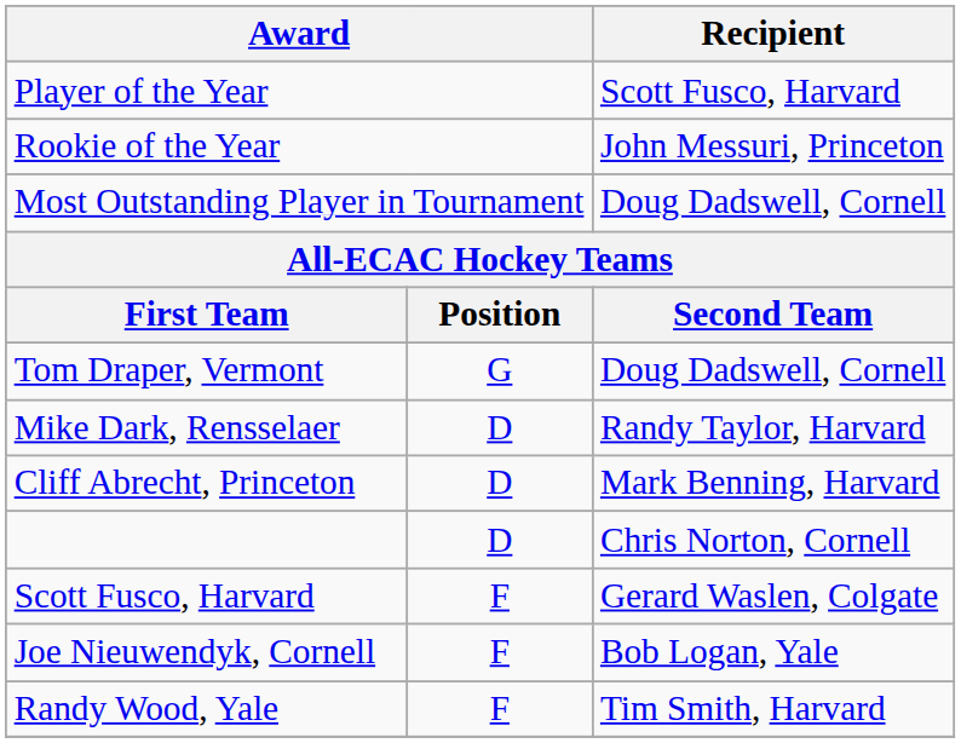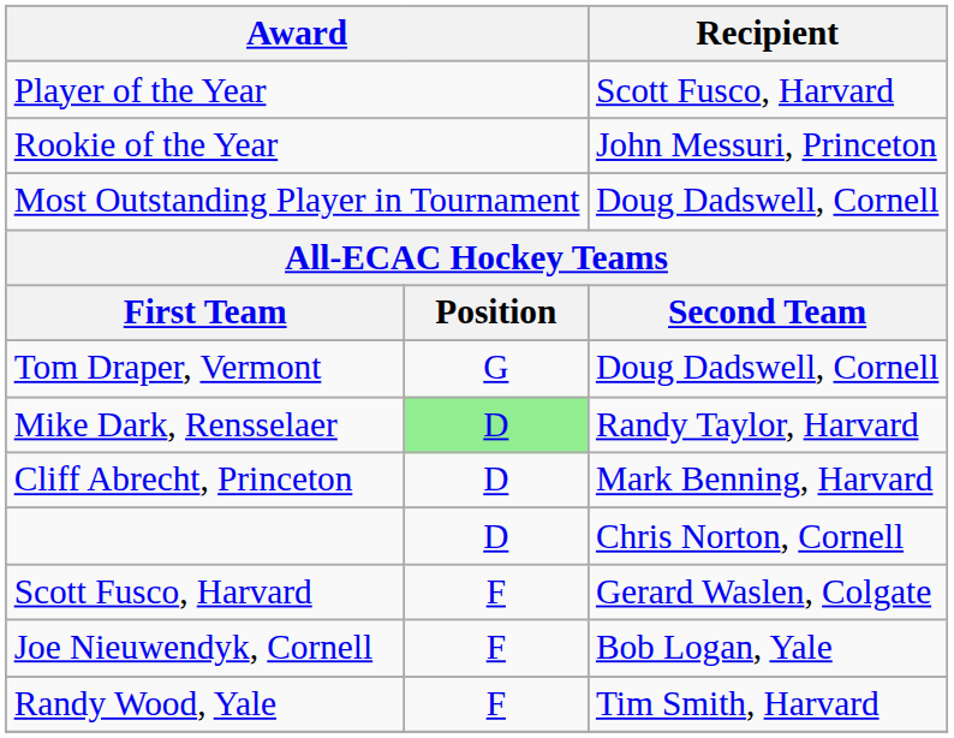 <table class="wikitable">
 <tr>
 <th colspan=2><a href='#'>Award</a></th>
 <th>Recipient</th>
 </tr>
 <tr>
 <td colspan=2><a href='#'>Player of the Year</a></td>
 <td><a href='#'>Scott Fusco</a>, <a href='#'>Harvard</a></td>
 </tr>
 <tr>
 <td colspan=2><a href='#'>Rookie of the Year</a></td>
 <td><a href='#'>John Messuri</a>, <a href='#'>Princeton</a></td>
 </tr>
 <tr>
 <td colspan=2><a href='#'>Most Outstanding Player in Tournament</a></td>
 <td><a href='#'>Doug Dadswell</a>, <a href='#'>Cornell</a></td>
 </tr>
 <tr>
 <th colspan=3><a href='#'>All-ECAC Hockey Teams</a></th>
 </tr>
 <tr>
 <th><a href='#'>First Team</a></th>
 <th>  Position  </th>
 <th><a href='#'>Second Team</a></th>
 </tr>
 <tr>
 <td><a href='#'>Tom Draper</a>, <a href='#'>Vermont</a></td>
 <td align=center><a href='#'>G</a></td>
 <td><a href='#'>Doug Dadswell</a>, <a href='#'>Cornell</a></td>
 </tr>
 <tr>
 <td><a href='#'>Mike Dark</a>, <a href='#'>Rensselaer</a></td>
-<td align=center><a href='#'>D</a></td>
+<td align=center style="background: lightgreen;"><a href='#'>D</a></td>
 <td><a href='#'>Randy Taylor</a>, <a href='#'>Harvard</a></td>
 </tr>
 <tr>
 <td><a href='#'>Cliff Abrecht</a>, <a href='#'>Princeton</a></td>
 <td align=center><a href='#'>D</a></td>
 <td><a href='#'>Mark Benning</a>, <a href='#'>Harvard</a></td>
 </tr>
 <tr>
 <td></td>
 <td align=center><a href='#'>D</a></td>
 <td><a href='#'>Chris Norton</a>, <a href='#'>Cornell</a></td>
 </tr>
 <tr>
 <td><a href='#'>Scott Fusco</a>, <a href='#'>Harvard</a></td>
 <td align=center><a href='#'>F</a></td>
 <td><a href='#'>Gerard Waslen</a>, <a href='#'>Colgate</a></td>
 </tr>
 <tr>
 <td><a href='#'>Joe Nieuwendyk</a>, <a href='#'>Cornell</a></td>
 <td align=center><a href='#'>F</a></td>
 <td><a href='#'>Bob Logan</a>, <a href='#'>Yale</a></td>
 </tr>
 <tr>
 <td><a href='#'>Randy Wood</a>, <a href='#'>Yale</a></td>
 <td align=center><a href='#'>F</a></td>
 <td><a href='#'>Tim Smith</a>, <a href='#'>Harvard</a></td>
 </tr>
 <tr>
 </tr>
 </table>
